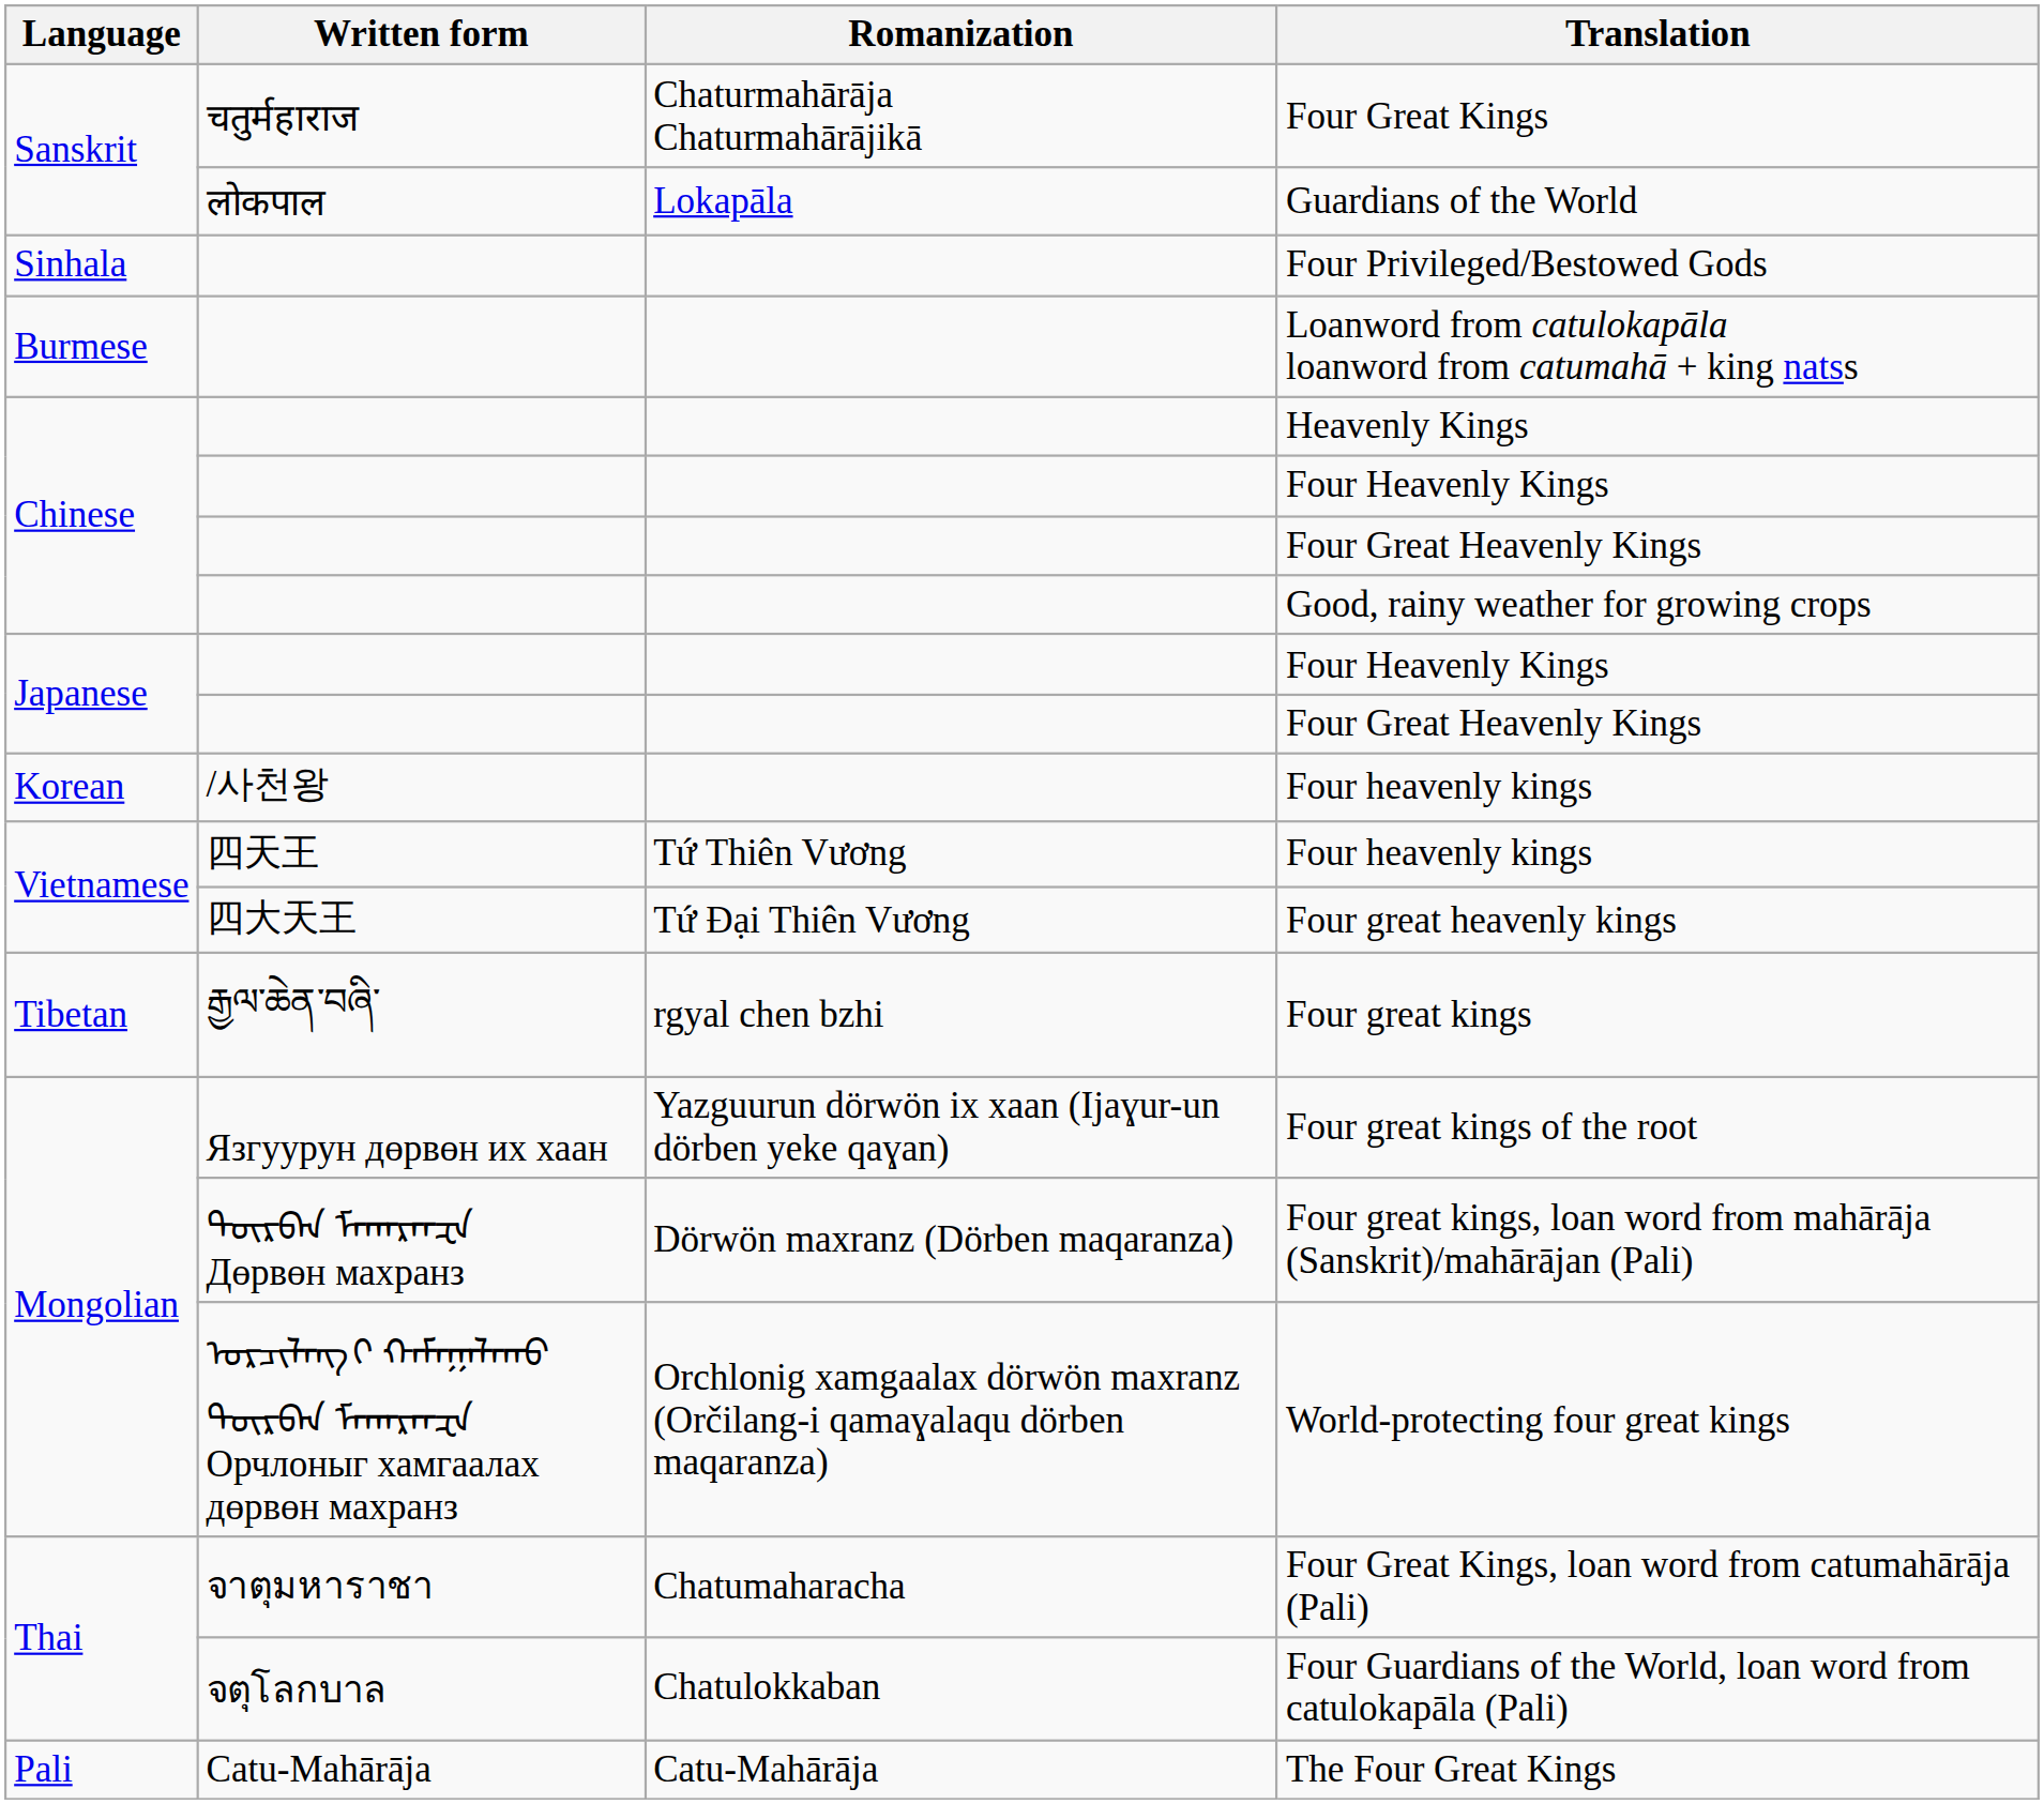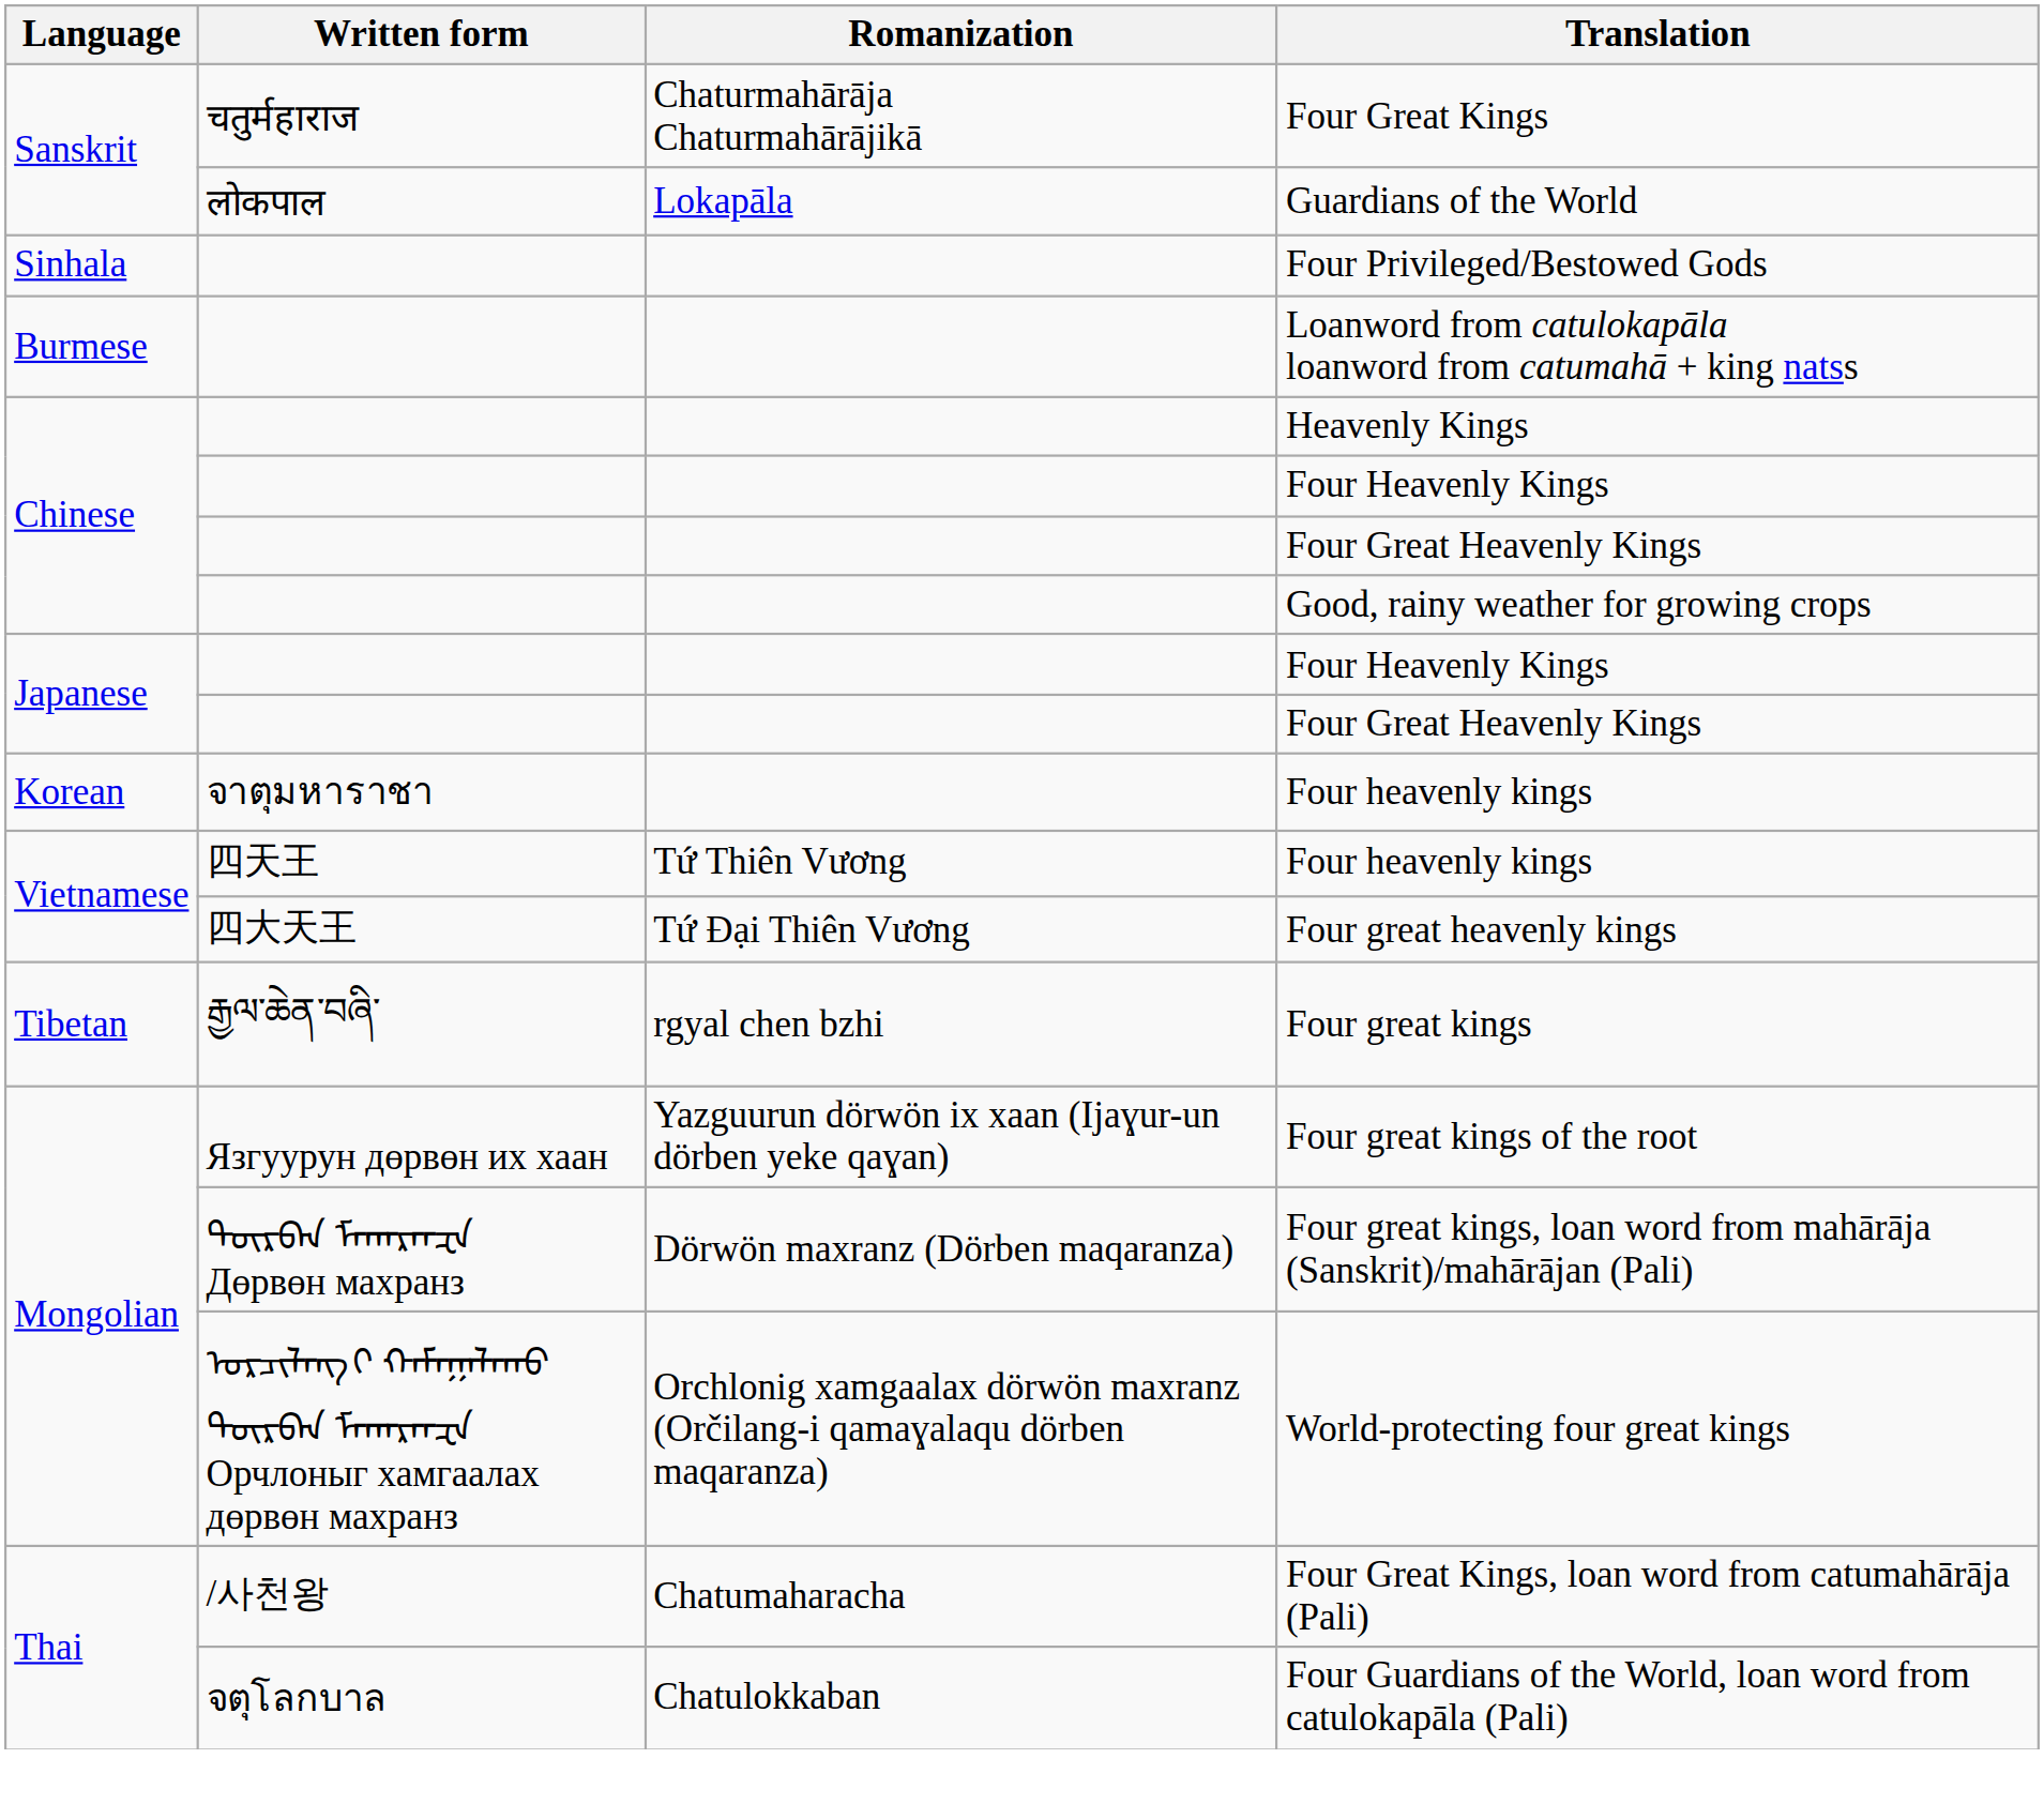 <table class="wikitable">
 <tr>
 <th>Language</th>
 <th>Written form</th>
 <th>Romanization</th>
 <th>Translation</th>
 </tr>
 <tr>
 <td rowspan=2><a href='#'>Sanskrit</a></td>
 <td>चतुर्महाराज</td>
 <td>Chaturmahārāja<br>Chaturmahārājikā<br></td>
 <td>Four Great Kings</td>
 </tr>
 <tr>
 <td>लोकपाल</td>
 <td><a href='#'>Lokapāla</a></td>
 <td>Guardians of the World</td>
 </tr>
 <tr>
 <td><a href='#'>Sinhala</a></td>
 <td></td>
 <td></td>
 <td>Four Privileged/Bestowed Gods</td>
 </tr>
 <tr>
 <td><a href='#'>Burmese</a></td>
 <td><br></td>
 <td><br></td>
 <td>Loanword from <em>catulokapāla</em><br>loanword from <em>catumahā</em> + king <a href='#'>nats</a>s</td>
 </tr>
 <tr>
 <td rowspan=4><a href='#'>Chinese</a></td>
 <td></td>
 <td></td>
 <td>Heavenly Kings</td>
 </tr>
 <tr>
 <td></td>
 <td></td>
 <td>Four Heavenly Kings</td>
 </tr>
 <tr>
 <td></td>
 <td></td>
 <td>Four Great Heavenly Kings</td>
 </tr>
 <tr>
 <td></td>
 <td></td>
 <td>Good, rainy weather for growing crops</td>
 </tr>
 <tr>
 <td rowspan=2><a href='#'>Japanese</a></td>
 <td></td>
 <td></td>
 <td>Four Heavenly Kings</td>
 </tr>
 <tr>
 <td></td>
 <td></td>
 <td>Four Great Heavenly Kings</td>
 </tr>
 <tr>
 <td><a href='#'>Korean</a></td>
-<td>/사천왕</td>
+<td>จาตุมหาราชา</td>
 <td></td>
 <td>Four heavenly kings</td>
 </tr>
 <tr>
 <td rowspan=2><a href='#'>Vietnamese</a></td>
 <td>四天王</td>
 <td>Tứ Thiên Vương</td>
 <td>Four heavenly kings</td>
 </tr>
 <tr>
 <td>四大天王</td>
 <td>Tứ Đại Thiên Vương</td>
 <td>Four great heavenly kings</td>
 </tr>
 <tr>
 <td><a href='#'>Tibetan</a></td>
 <td>རྒྱལ༌ཆེན༌བཞི༌</td>
 <td>rgyal chen bzhi</td>
 <td>Four great kings</td>
 </tr>
 <tr>
 <td rowspan="3"><a href='#'>Mongolian</a></td>
 <td><br>Язгуурун дөрвөн их хаан</td>
 <td>Yazguurun dörwön ix xaan (Ijaɣur-un dörben yeke qaɣan)</td>
 <td>Four great kings of the root</td>
 </tr>
 <tr>
 <td>ᠳᠥᠷᠪᠡᠨ ᠮᠠᠬᠠᠷᠠᠨᠽᠠ<br>Дөрвөн махранз</td>
 <td>Dörwön maxranz (Dörben maqaranza)</td>
 <td>Four great kings, loan word from mahārāja (Sanskrit)/mahārājan (Pali)</td>
 </tr>
 <tr>
 <td>ᠣᠷᠴᠢᠯᠠᠩ ‍ᠢ ᠬᠠᠮᠠᠭᠠᠯᠠᠬᠤ ᠳᠥᠷᠪᠡᠨ ᠮᠠᠬᠠᠷᠠᠨᠽᠠ<br>Орчлоныг хамгаалах дөрвөн махранз</td>
 <td>Orchlonig xamgaalax dörwön maxranz<br>(Orčilang-i qamaɣalaqu dörben maqaranza)</td>
 <td>World-protecting four great kings</td>
 </tr>
 <tr>
 <td rowspan=2><a href='#'>Thai</a></td>
-<td>จาตุมหาราชา</td>
+<td>/사천왕</td>
 <td>Chatumaharacha</td>
 <td>Four Great Kings, loan word from catumahārāja (Pali)</td>
 </tr>
 <tr>
 <td>จตุโลกบาล</td>
 <td>Chatulokkaban</td>
 <td>Four Guardians of the World, loan word from catulokapāla (Pali)</td>
 </tr>
-<tr>
-<td><a href='#'>Pali</a></td>
-<td>Catu-Mahārāja</td>
-<td>Catu-Mahārāja</td>
-<td>The Four Great Kings</td>
-</tr>
 </table>
